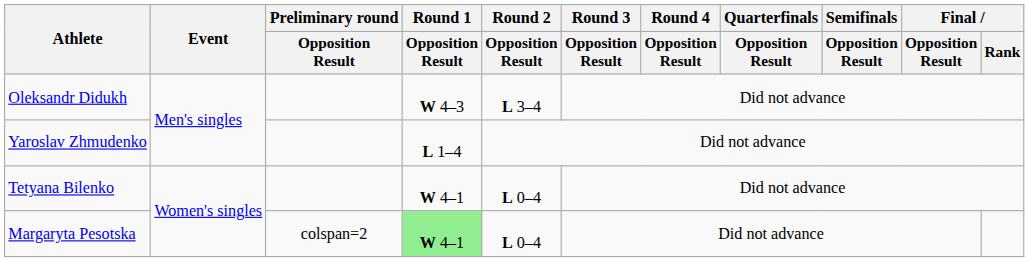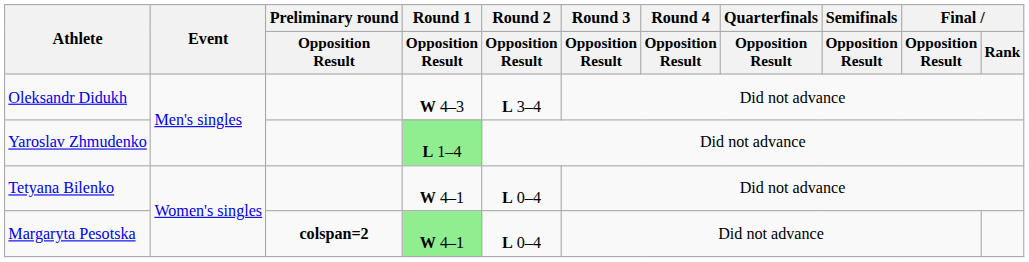 <table class="wikitable" style="font-size:90%">
 <tr>
 <th rowspan="2">Athlete</th>
 <th rowspan="2">Event</th>
 <th>Preliminary round</th>
 <th>Round 1</th>
 <th>Round 2</th>
 <th>Round 3</th>
 <th>Round 4</th>
 <th>Quarterfinals</th>
 <th>Semifinals</th>
 <th colspan=2>Final / </th>
 </tr>
 <tr style="font-size:95%">
 <th>Opposition<br>Result</th>
 <th>Opposition<br>Result</th>
 <th>Opposition<br>Result</th>
 <th>Opposition<br>Result</th>
 <th>Opposition<br>Result</th>
 <th>Opposition<br>Result</th>
 <th>Opposition<br>Result</th>
 <th>Opposition<br>Result</th>
 <th>Rank</th>
 </tr>
 <tr align=center>
 <td align=left><a href='#'>Oleksandr Didukh</a></td>
 <td align=left rowspan=2><a href='#'>Men's singles</a></td>
 <td></td>
 <td><br><strong>W</strong> 4–3</td>
 <td><br><strong>L</strong> 3–4</td>
 <td colspan=6>Did not advance</td>
 </tr>
 <tr align=center>
 <td align=left><a href='#'>Yaroslav Zhmudenko</a></td>
 <td></td>
-<td><br><strong>L</strong> 1–4</td>
+<td style="background: lightgreen;"><br><strong>L</strong> 1–4</td>
 <td colspan=7>Did not advance</td>
 </tr>
 <tr align=center>
 <td align=left><a href='#'>Tetyana Bilenko</a></td>
 <td align=left rowspan=2><a href='#'>Women's singles</a></td>
 <td></td>
 <td><br><strong>W</strong> 4–1</td>
 <td><br><strong>L</strong> 0–4</td>
 <td colspan=6>Did not advance</td>
 </tr>
 <tr align=center>
 <td align=left><a href='#'>Margaryta Pesotska</a></td>
-<td>colspan=2 </td>
+<td><strong>colspan=2 </strong></td>
 <td style="background: lightgreen;"><br><strong>W</strong> 4–1</td>
 <td><br><strong>L</strong> 0–4</td>
 <td colspan=5>Did not advance</td>
 </tr>
 </table>
